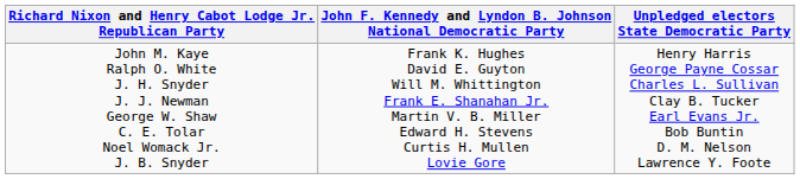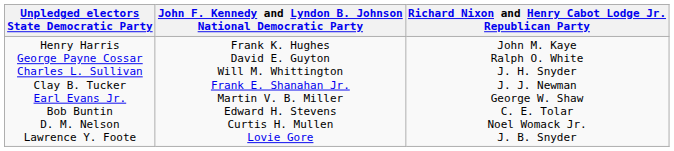 <table class="wikitable" style="font-size:90%;text-align:center;">
 <tr>
+<th><a href='#'>Unpledged electors</a><br><a href='#'>State Democratic Party</a></th>
+<th><a href='#'>John F. Kennedy</a> and <a href='#'>Lyndon B. Johnson</a><br><a href='#'>National Democratic Party</a></th>
 <th><a href='#'>Richard Nixon</a> and <a href='#'>Henry Cabot Lodge Jr.</a><br><a href='#'>Republican Party</a></th>
-<th><a href='#'>John F. Kennedy</a> and <a href='#'>Lyndon B. Johnson</a><br><a href='#'>National Democratic Party</a></th>
-<th><a href='#'>Unpledged electors</a><br><a href='#'>State Democratic Party</a></th>
 </tr>
 <tr>
+<td>Henry Harris<br><a href='#'>George Payne Cossar</a><br><a href='#'>Charles L. Sullivan</a><br>Clay B. Tucker<br><a href='#'>Earl Evans Jr.</a><br>Bob Buntin<br>D. M. Nelson<br>Lawrence Y. Foote</td>
+<td>Frank K. Hughes<br>David E. Guyton<br>Will M. Whittington<br><a href='#'>Frank E. Shanahan Jr.</a><br>Martin V. B. Miller<br>Edward H. Stevens<br>Curtis H. Mullen<br><a href='#'>Lovie Gore</a></td>
 <td>John M. Kaye<br>Ralph O. White<br>J. H. Snyder<br>J. J. Newman<br>George W. Shaw<br>C. E. Tolar<br>Noel Womack Jr.<br>J. B. Snyder</td>
-<td>Frank K. Hughes<br>David E. Guyton<br>Will M. Whittington<br><a href='#'>Frank E. Shanahan Jr.</a><br>Martin V. B. Miller<br>Edward H. Stevens<br>Curtis H. Mullen<br><a href='#'>Lovie Gore</a></td>
-<td>Henry Harris<br><a href='#'>George Payne Cossar</a><br><a href='#'>Charles L. Sullivan</a><br>Clay B. Tucker<br><a href='#'>Earl Evans Jr.</a><br>Bob Buntin<br>D. M. Nelson<br>Lawrence Y. Foote</td>
 </tr>
 </table>
